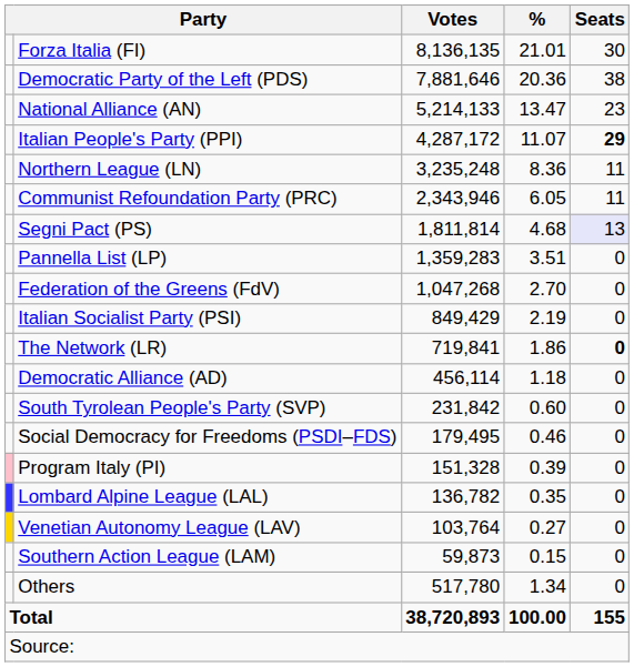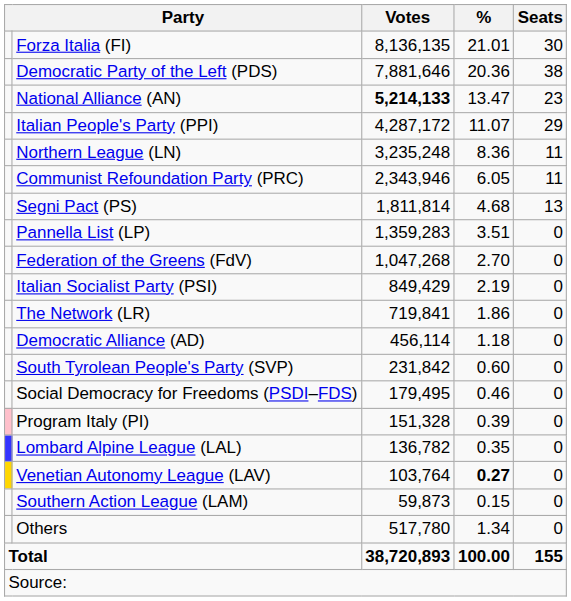 <table class="wikitable" style="text-align:right">
 <tr>
 <th colspan=2>Party</th>
 <th>Votes</th>
 <th>%</th>
 <th>Seats</th>
 </tr>
 <tr>
 <td></td>
 <td align="left"><a href='#'>Forza Italia</a> (FI)</td>
 <td align="right">8,136,135</td>
 <td align="right">21.01</td>
 <td align="right">30</td>
 </tr>
 <tr>
 <td></td>
 <td align="left"><a href='#'>Democratic Party of the Left</a> (PDS)</td>
 <td align="right">7,881,646</td>
 <td align="right">20.36</td>
 <td align="right">38</td>
 </tr>
 <tr>
 <td></td>
 <td align="left"><a href='#'>National Alliance</a> (AN)</td>
-<td align="right">5,214,133</td>
+<td align="right"><strong>5,214,133</strong></td>
 <td align="right">13.47</td>
 <td align="right">23</td>
 </tr>
 <tr>
 <td></td>
 <td align="left"><a href='#'>Italian People's Party</a> (PPI)</td>
 <td align="right">4,287,172</td>
 <td align="right">11.07</td>
-<td align="right"><strong>29</strong></td>
+<td align="right">29</td>
 </tr>
 <tr>
 <td></td>
 <td align="left"><a href='#'>Northern League</a> (LN)</td>
 <td align="right">3,235,248</td>
 <td align="right">8.36</td>
 <td align="right">11</td>
 </tr>
 <tr>
 <td></td>
 <td align="left"><a href='#'>Communist Refoundation Party</a> (PRC)</td>
 <td align="right">2,343,946</td>
 <td align="right">6.05</td>
 <td align="right">11</td>
 </tr>
 <tr>
 <td></td>
 <td align="left"><a href='#'>Segni Pact</a> (PS)</td>
 <td align="right">1,811,814</td>
 <td align="right">4.68</td>
-<td align="right" style="background: lavender;">13</td>
+<td align="right">13</td>
 </tr>
 <tr>
 <td></td>
 <td align="left"><a href='#'>Pannella List</a> (LP)</td>
 <td align="right">1,359,283</td>
 <td align="right">3.51</td>
 <td align="right">0</td>
 </tr>
 <tr>
 <td></td>
 <td align="left"><a href='#'>Federation of the Greens</a> (FdV)</td>
 <td align="right">1,047,268</td>
 <td align="right">2.70</td>
 <td align="right">0</td>
 </tr>
 <tr>
 <td></td>
 <td align="left"><a href='#'>Italian Socialist Party</a> (PSI)</td>
 <td align="right">849,429</td>
 <td align="right">2.19</td>
 <td align="right">0</td>
 </tr>
 <tr>
 <td></td>
 <td align="left"><a href='#'>The Network</a> (LR)</td>
 <td align="right">719,841</td>
 <td align="right">1.86</td>
-<td align="right"><strong>0</strong></td>
+<td align="right">0</td>
 </tr>
 <tr>
 <td></td>
 <td align="left"><a href='#'>Democratic Alliance</a> (AD)</td>
 <td align="right">456,114</td>
 <td align="right">1.18</td>
 <td align="right">0</td>
 </tr>
 <tr>
 <td></td>
 <td align="left"><a href='#'>South Tyrolean People's Party</a> (SVP)</td>
 <td align="right">231,842</td>
 <td align="right">0.60</td>
 <td align="right">0</td>
 </tr>
 <tr>
 <td></td>
 <td align="left">Social Democracy for Freedoms (<a href='#'>PSDI</a>–<a href='#'>FDS</a>)</td>
 <td align="right">179,495</td>
 <td align="right">0.46</td>
 <td align="right">0</td>
 </tr>
 <tr>
 <td bgcolor="pink"></td>
 <td align="left">Program Italy (PI)</td>
 <td align="right">151,328</td>
 <td align="right">0.39</td>
 <td align="right">0</td>
 </tr>
 <tr>
 <td bgcolor="#3333FF"></td>
 <td align="left"><a href='#'>Lombard Alpine League</a> (LAL)</td>
 <td align="right">136,782</td>
 <td align="right">0.35</td>
 <td align="right">0</td>
 </tr>
 <tr>
 <td bgcolor="gold"></td>
 <td align="left"><a href='#'>Venetian Autonomy League</a> (LAV)</td>
 <td align="right">103,764</td>
-<td align="right">0.27</td>
+<td align="right"><strong>0.27</strong></td>
 <td align="right">0</td>
 </tr>
 <tr>
 <td></td>
 <td align="left"><a href='#'>Southern Action League</a> (LAM)</td>
 <td align="right">59,873</td>
 <td align="right">0.15</td>
 <td align="right">0</td>
 </tr>
 <tr>
 <td></td>
 <td align="left">Others</td>
 <td align="right">517,780</td>
 <td align="right">1.34</td>
 <td align="right">0</td>
 </tr>
 <tr>
 <td align="left" colspan=2><strong>Total</strong></td>
 <td align="right"><strong>38,720,893</strong></td>
 <td align="right"><strong>100.00</strong></td>
 <td align="right"><strong>155</strong></td>
 </tr>
 <tr>
 <td colspan=6 align="left">Source: </td>
 </tr>
 </table>
